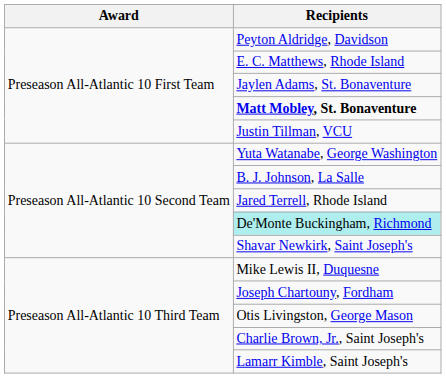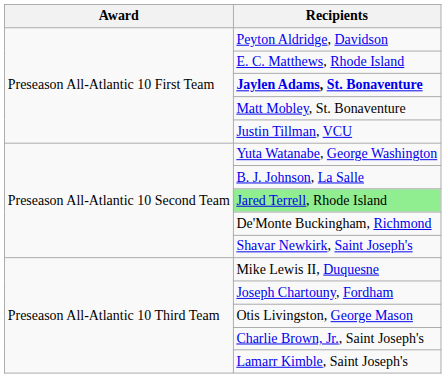 <table class="wikitable" style="white-space:nowrap; font-size:90%;">
 <tr>
 <th>Award</th>
 <th>Recipients</th>
 </tr>
 <tr>
 <td rowspan=5 valign=middle>Preseason All-Atlantic 10 First Team</td>
 <td><a href='#'>Peyton Aldridge</a>, <a href='#'>Davidson</a></td>
 </tr>
 <tr>
 <td><a href='#'>E. C. Matthews</a>, <a href='#'>Rhode Island</a></td>
 </tr>
 <tr>
-<td><a href='#'>Jaylen Adams</a>, <a href='#'>St. Bonaventure</a></td>
+<td><strong><a href='#'>Jaylen Adams</a>, <a href='#'>St. Bonaventure</a></strong></td>
 </tr>
 <tr>
-<td><strong><a href='#'>Matt Mobley</a>, St. Bonaventure</strong></td>
+<td><a href='#'>Matt Mobley</a>, St. Bonaventure</td>
 </tr>
 <tr>
 <td><a href='#'>Justin Tillman</a>, <a href='#'>VCU</a></td>
 </tr>
 <tr>
 <td rowspan=5 valign=middle>Preseason All-Atlantic 10 Second Team</td>
 <td><a href='#'>Yuta Watanabe</a>, <a href='#'>George Washington</a></td>
 </tr>
 <tr>
 <td><a href='#'>B. J. Johnson</a>, <a href='#'>La Salle</a></td>
 </tr>
 <tr>
-<td><a href='#'>Jared Terrell</a>, Rhode Island</td>
+<td style="background: lightgreen;"><a href='#'>Jared Terrell</a>, Rhode Island</td>
 </tr>
 <tr>
-<td style="background: paleturquoise;">De'Monte Buckingham, <a href='#'>Richmond</a></td>
+<td>De'Monte Buckingham, <a href='#'>Richmond</a></td>
 </tr>
 <tr>
 <td><a href='#'>Shavar Newkirk</a>, <a href='#'>Saint Joseph's</a></td>
 </tr>
 <tr>
 <td rowspan=5 valign=middle>Preseason All-Atlantic 10 Third Team</td>
 <td>Mike Lewis II, <a href='#'>Duquesne</a></td>
 </tr>
 <tr>
 <td><a href='#'>Joseph Chartouny</a>, <a href='#'>Fordham</a></td>
 </tr>
 <tr>
 <td>Otis Livingston, <a href='#'>George Mason</a></td>
 </tr>
 <tr>
 <td><a href='#'>Charlie Brown, Jr.</a>, Saint Joseph's</td>
 </tr>
 <tr>
 <td><a href='#'>Lamarr Kimble</a>, Saint Joseph's</td>
 </tr>
 </table>
